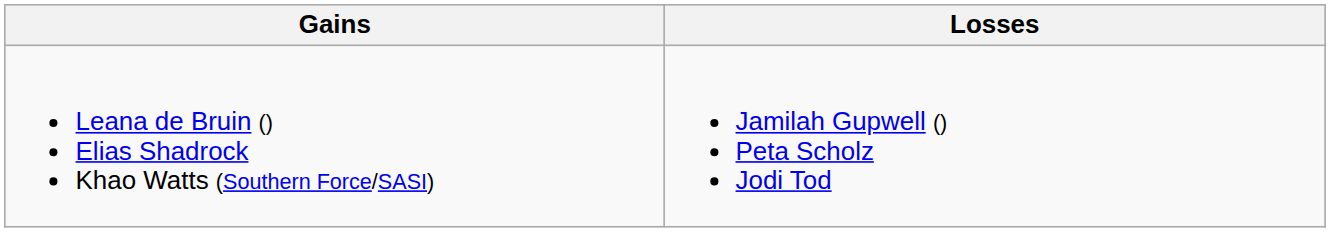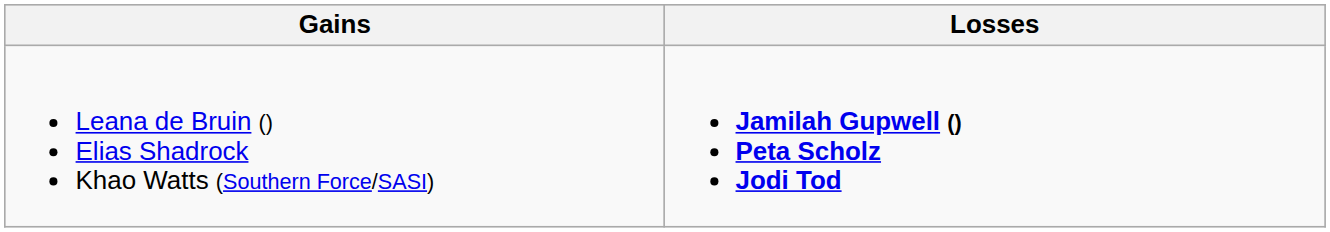 <table class=wikitable>
 <tr>
 <th width=400> Gains</th>
 <th width=400> Losses</th>
 </tr>
 <tr>
 <td><br><ul><li><a href='#'>Leana de Bruin</a> <small>()</small></li><li><a href='#'>Elias Shadrock</a></li><li>Khao Watts <small>(<a href='#'>Southern Force</a>/<a href='#'>SASI</a>)</small> </li></ul></td>
-<td><br><ul><li><a href='#'>Jamilah Gupwell</a> <small>()</small></li><li><a href='#'>Peta Scholz</a></li><li><a href='#'>Jodi Tod</a></li></ul></td>
+<td><strong><br><ul><li><a href='#'>Jamilah Gupwell</a> <small>()</small></li><li><a href='#'>Peta Scholz</a></li><li><a href='#'>Jodi Tod</a></li></ul></strong></td>
 </tr>
 </table>
